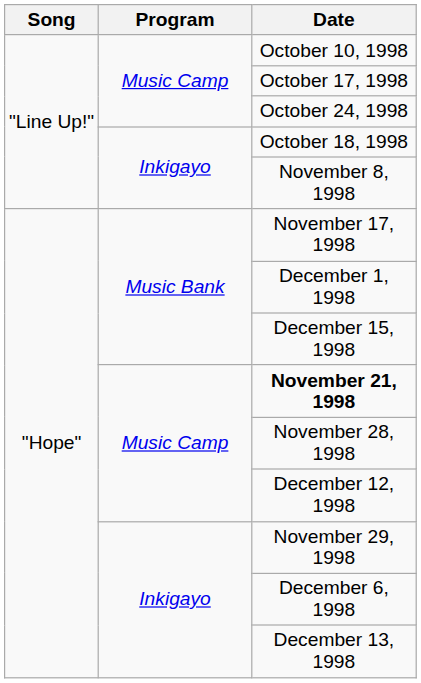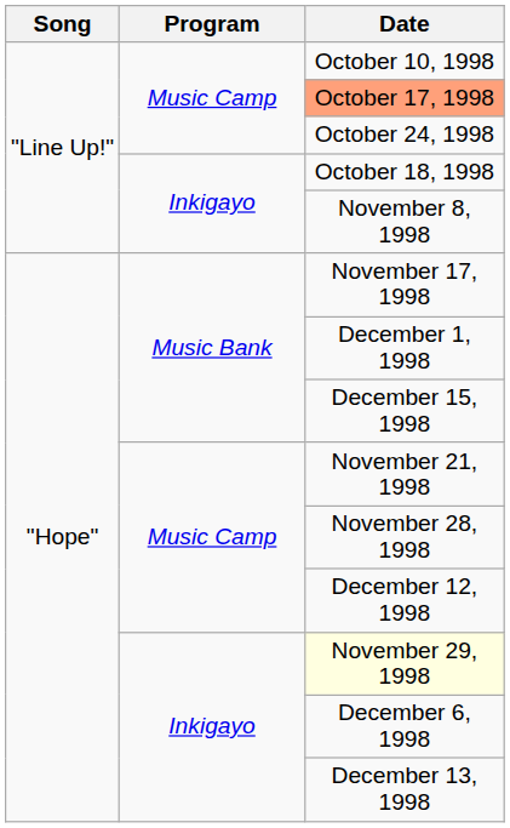 <table class="wikitable sortable plainrowheaders" style="text-align:center">
 <tr>
 <th>Song</th>
 <th width="120">Program</th>
 <th width="130">Date</th>
 </tr>
 <tr>
 <td scope="row" rowspan="5">"Line Up!"</td>
 <td rowspan="3"><em><a href='#'>Music Camp</a></em></td>
 <td>October 10, 1998</td>
 </tr>
 <tr>
-<td>October 17, 1998</td>
+<td style="background: lightsalmon;">October 17, 1998</td>
 </tr>
 <tr>
 <td>October 24, 1998</td>
 </tr>
 <tr>
 <td rowspan="2"><em><a href='#'>Inkigayo</a></em></td>
 <td>October 18, 1998</td>
 </tr>
 <tr>
 <td>November 8, 1998</td>
 </tr>
 <tr>
 <td scope="row" rowspan="9">"Hope"</td>
 <td rowspan="3"><em><a href='#'>Music Bank</a></em></td>
 <td>November 17, 1998</td>
 </tr>
 <tr>
 <td>December 1, 1998</td>
 </tr>
 <tr>
 <td>December 15, 1998</td>
 </tr>
 <tr>
 <td rowspan="3"><em><a href='#'>Music Camp</a></em></td>
-<td><strong>November 21, 1998</strong></td>
+<td>November 21, 1998</td>
 </tr>
 <tr>
 <td>November 28, 1998</td>
 </tr>
 <tr>
 <td>December 12, 1998</td>
 </tr>
 <tr>
 <td rowspan="3"><em><a href='#'>Inkigayo</a></em></td>
-<td>November 29, 1998</td>
+<td style="background: lightyellow;">November 29, 1998</td>
 </tr>
 <tr>
 <td>December 6, 1998</td>
 </tr>
 <tr>
 <td>December 13, 1998</td>
 </tr>
 </table>
